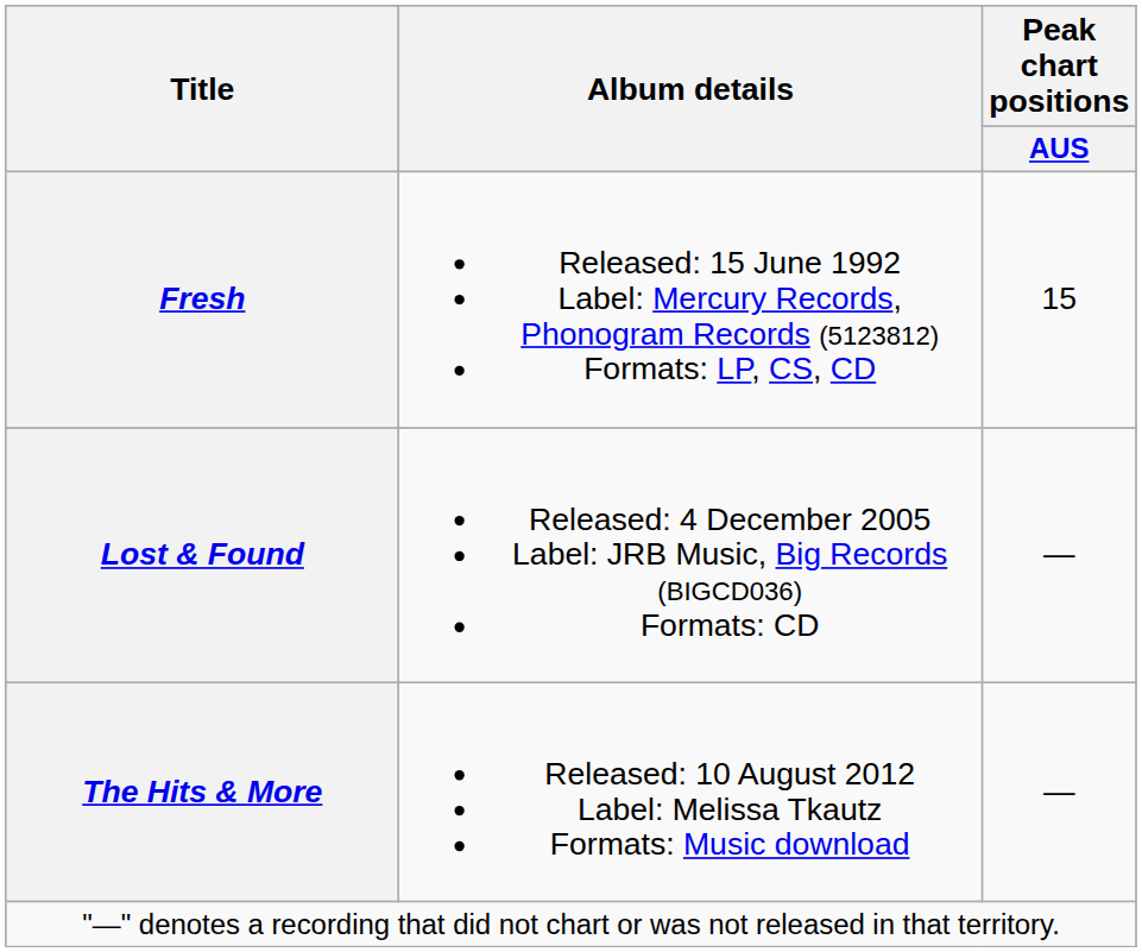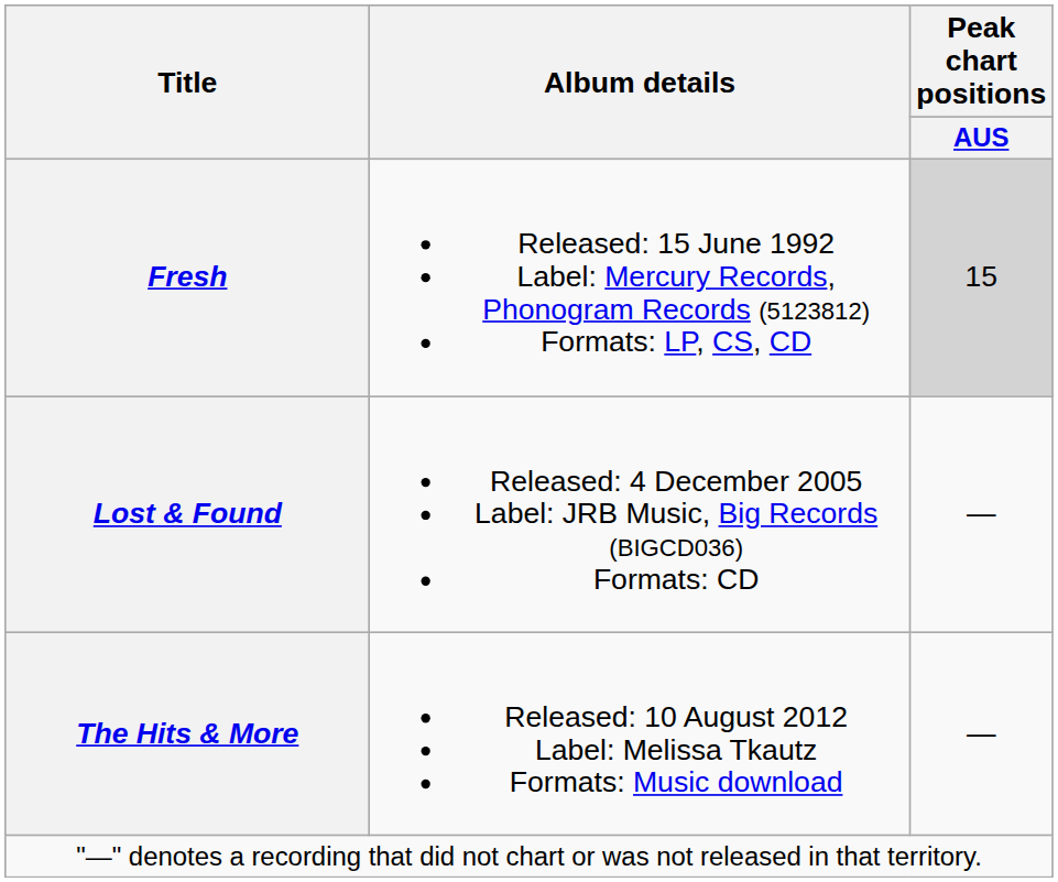 <table class="wikitable plainrowheaders" style="text-align:center;">
 <tr>
 <th scope="col" rowspan="2" style="width:12em;">Title</th>
 <th scope="col" rowspan="2" style="width:18em;">Album details</th>
 <th scope="col" colspan="1">Peak chart positions</th>
 </tr>
 <tr>
 <th scope="col" style="width:3em;font-size:90%;"><a href='#'>AUS</a><br></th>
 </tr>
 <tr>
 <th scope="row"><em><a href='#'>Fresh</a></em></th>
 <td><br><ul><li>Released: 15 June 1992</li><li>Label: <a href='#'>Mercury Records</a>, <a href='#'>Phonogram Records</a> <small>(5123812)</small></li><li>Formats: <a href='#'>LP</a>, <a href='#'>CS</a>, <a href='#'>CD</a></li></ul></td>
-<td>15</td>
+<td style="background: lightgrey;">15</td>
 </tr>
 <tr>
 <th scope="row"><em><a href='#'>Lost & Found</a></em></th>
 <td><br><ul><li>Released: 4 December 2005</li><li>Label: JRB Music, <a href='#'>Big Records</a> <small>(BIGCD036)</small></li><li>Formats: CD</li></ul></td>
 <td>—</td>
 </tr>
 <tr>
 <th scope="row"><em><a href='#'>The Hits & More</a></em></th>
 <td><br><ul><li>Released: 10 August 2012</li><li>Label: Melissa Tkautz</li><li>Formats: <a href='#'>Music download</a></li></ul></td>
 <td>—</td>
 </tr>
 <tr>
 <td colspan="4" style="font-size:90%">"—" denotes a recording that did not chart or was not released in that territory.</td>
 </tr>
 </table>
